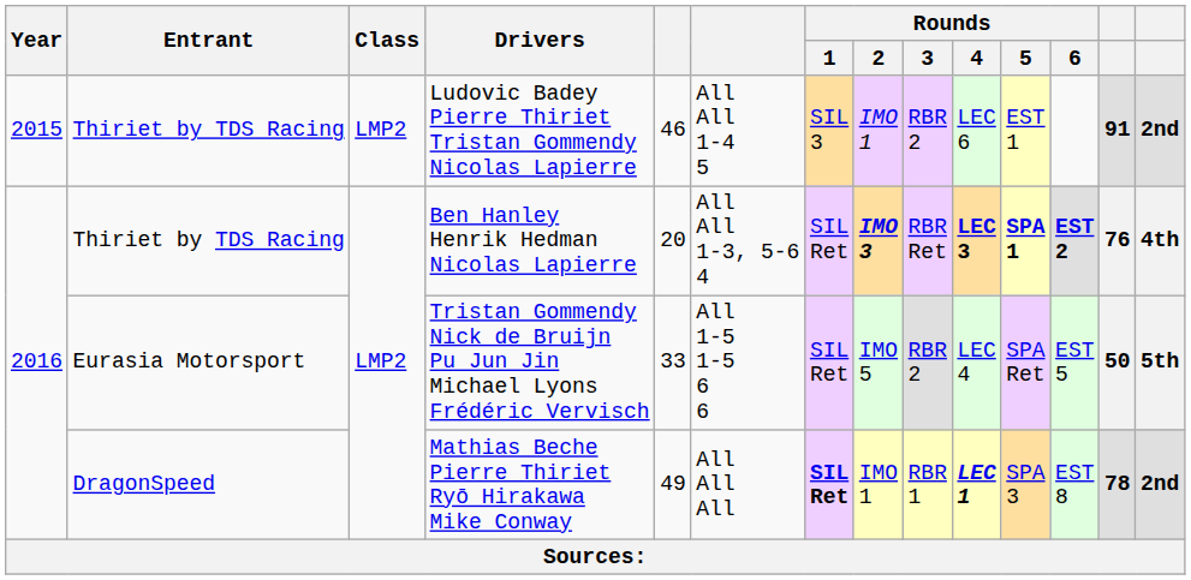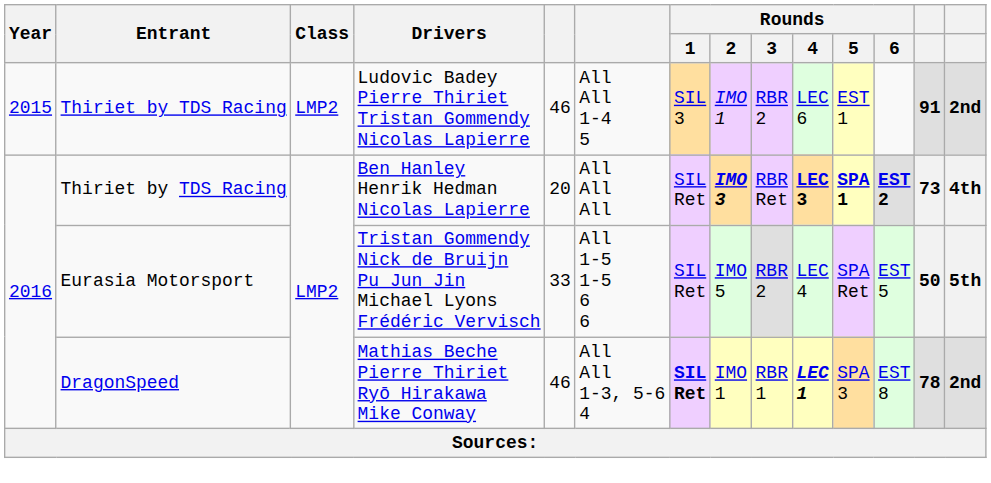 <table class="wikitable">
 <tr>
 <th rowspan="2">Year</th>
 <th rowspan="2">Entrant</th>
 <th rowspan="2">Class</th>
 <th rowspan="2">Drivers</th>
 <th rowspan="2"></th>
 <th rowspan="2"></th>
 <th colspan="6">Rounds</th>
 <th></th>
 <th></th>
 </tr>
 <tr>
 <th>1</th>
 <th>2</th>
 <th>3</th>
 <th>4</th>
 <th>5</th>
 <th>6</th>
 <th></th>
 <th></th>
 </tr>
 <tr>
 <td><a href='#'>2015</a></td>
 <td> <a href='#'>Thiriet by TDS Racing</a></td>
 <td><a href='#'>LMP2</a></td>
 <td> Ludovic Badey<br> <a href='#'>Pierre Thiriet</a><br> <a href='#'>Tristan Gommendy</a><br> <a href='#'>Nicolas Lapierre</a></td>
 <td>46</td>
 <td>All<br>All<br>1-4<br>5</td>
 <td style="background:#FFDF9F;”"><a href='#'>SIL</a><br>3</td>
 <td style="background:#EFCFFF;"><a href='#'><em>IMO</em></a><br><em>1</em></td>
 <td style="background:#EFCFFF;"><a href='#'>RBR</a><br>2</td>
 <td style="background:#DFFFDF;"><a href='#'>LEC</a><br>6</td>
 <td style="background:#FFFFBF;”"><a href='#'>EST</a><br>1</td>
 <td></td>
 <th style="background:#DFDFDF;”">91</th>
 <th style="background:#DFDFDF;”">2nd</th>
 </tr>
 <tr>
 <td rowspan="3"><a href='#'>2016</a></td>
 <td> Thiriet by <a href='#'>TDS Racing</a></td>
 <td rowspan="3"><a href='#'>LMP2</a></td>
 <td> <a href='#'>Ben Hanley</a><br> Henrik Hedman<br> <a href='#'>Nicolas Lapierre</a></td>
 <td>20</td>
-<td>All<br>All<br>1-3, 5-6<br>4</td>
+<td>All<br>All<br>All</td>
 <td style="background:#EFCFFF;"><a href='#'>SIL</a><br>Ret</td>
 <td style="background:#FFDF9F;”"><strong><em><a href='#'>IMO</a></em></strong><br><strong><em>3</em></strong></td>
 <td style="background:#EFCFFF;"><a href='#'>RBR</a><br>Ret</td>
 <td style="background:#FFDF9F;”"><strong><a href='#'>LEC</a><br>3</strong></td>
 <td style="background:#FFFFBF;”"><strong><a href='#'>SPA</a></strong><br><strong>1</strong></td>
 <td style="background:#DFDFDF;”"><strong><a href='#'>EST</a></strong><br><strong>2</strong></td>
-<th>76</th>
+<th>73</th>
 <th>4th</th>
 </tr>
 <tr>
 <td> Eurasia Motorsport</td>
 <td> <a href='#'>Tristan Gommendy</a><br> <a href='#'>Nick de Bruijn</a><br> <a href='#'>Pu Jun Jin</a><br> Michael Lyons<br> <a href='#'>Frédéric Vervisch</a></td>
 <td>33</td>
 <td>All<br>1-5<br>1-5<br>6<br>6</td>
 <td style="background:#EFCFFF;"><a href='#'>SIL</a><br>Ret</td>
 <td style="background:#DFFFDF;"><a href='#'>IMO</a><br>5</td>
 <td style="background:#DFDFDF;”"><a href='#'>RBR</a><br>2</td>
 <td style="background:#DFFFDF;"><a href='#'>LEC</a><br>4</td>
 <td style="background:#EFCFFF;"><a href='#'>SPA</a><br>Ret</td>
 <td style="background:#DFFFDF;"><a href='#'>EST</a><br>5</td>
 <th>50</th>
 <th>5th</th>
 </tr>
 <tr>
 <td> <a href='#'>DragonSpeed</a></td>
 <td> <a href='#'>Mathias Beche</a><br> <a href='#'>Pierre Thiriet</a><br> <a href='#'>Ryō Hirakawa</a><br> <a href='#'>Mike Conway</a></td>
-<td>49</td>
-<td>All<br>All<br>All</td>
+<td>46</td>
+<td>All<br>All<br>1-3, 5-6<br>4</td>
 <td style="background:#EFCFFF;"><strong><a href='#'>SIL</a></strong><br><strong>Ret</strong></td>
 <td style="background:#FFFFBF;”"><a href='#'>IMO</a><br>1</td>
 <td style="background:#FFFFBF;”"><a href='#'>RBR</a><br>1</td>
 <td style="background:#FFFFBF;”"><strong><em><a href='#'>LEC</a></em></strong><br><strong><em>1</em></strong></td>
 <td style="background:#FFDF9F;”"><a href='#'>SPA</a><br>3</td>
 <td style="background:#DFFFDF;"><a href='#'>EST</a><br>8</td>
 <th style="background:#DFDFDF;”">78</th>
 <th style="background:#DFDFDF;”">2nd</th>
 </tr>
 <tr>
 <th colspan="14">Sources:</th>
 </tr>
 </table>
